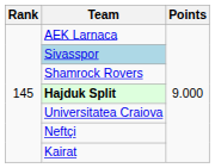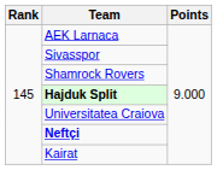 <table class="wikitable" style="text-align: center;">
 <tr>
 <th>Rank</th>
 <th>Team</th>
 <th>Points</th>
 </tr>
 <tr>
 <td rowspan="7">145</td>
 <td align=left> <a href='#'>AEK Larnaca</a></td>
 <td rowspan="7">9.000</td>
 </tr>
 <tr>
-<td align=left style="background: lightblue;"> <a href='#'>Sivasspor</a></td>
+<td align=left> <a href='#'>Sivasspor</a></td>
 </tr>
 <tr>
 <td align=left> <a href='#'>Shamrock Rovers</a></td>
 </tr>
 <tr style="background:#dfd;">
 <td align=left> <strong>Hajduk Split</strong></td>
 </tr>
 <tr>
 <td align=left> <a href='#'>Universitatea Craiova</a></td>
 </tr>
 <tr>
-<td align=left> <a href='#'>Neftçi</a></td>
+<td align=left><strong> <a href='#'>Neftçi</a></strong></td>
 </tr>
 <tr>
 <td align=left> <a href='#'>Kairat</a></td>
 </tr>
 </table>
